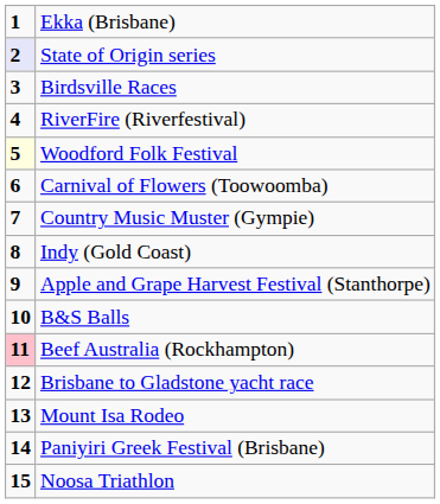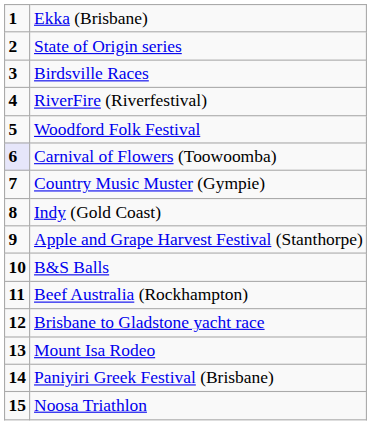 <table class="wikitable">
 <tr>
 <td><strong>1</strong></td>
 <td><a href='#'>Ekka</a> (Brisbane)</td>
 </tr>
 <tr>
-<td style="background: lavender;"><strong>2</strong></td>
+<td><strong>2</strong></td>
 <td><a href='#'>State of Origin series</a></td>
 </tr>
 <tr>
 <td><strong>3</strong></td>
 <td><a href='#'>Birdsville Races</a></td>
 </tr>
 <tr>
 <td><strong>4</strong></td>
 <td><a href='#'>RiverFire</a> (Riverfestival)</td>
 </tr>
 <tr>
-<td style="background: lightyellow;"><strong>5</strong></td>
+<td><strong>5</strong></td>
 <td><a href='#'>Woodford Folk Festival</a></td>
 </tr>
 <tr>
-<td><strong>6</strong></td>
+<td style="background: lavender;"><strong>6</strong></td>
 <td><a href='#'>Carnival of Flowers</a> (Toowoomba)</td>
 </tr>
 <tr>
 <td><strong>7</strong></td>
 <td><a href='#'>Country Music Muster</a> (Gympie)</td>
 </tr>
 <tr>
 <td><strong>8</strong></td>
 <td><a href='#'>Indy</a> (Gold Coast)</td>
 </tr>
 <tr>
 <td><strong>9</strong></td>
 <td><a href='#'>Apple and Grape Harvest Festival</a> (Stanthorpe)</td>
 </tr>
 <tr>
 <td><strong>10</strong></td>
 <td><a href='#'>B&S Balls</a></td>
 </tr>
 <tr>
-<td style="background: pink;"><strong>11</strong></td>
+<td><strong>11</strong></td>
 <td><a href='#'>Beef Australia</a> (Rockhampton)</td>
 </tr>
 <tr>
 <td><strong>12</strong></td>
 <td><a href='#'>Brisbane to Gladstone yacht race</a></td>
 </tr>
 <tr>
 <td><strong>13</strong></td>
 <td><a href='#'>Mount Isa Rodeo</a></td>
 </tr>
 <tr>
 <td><strong>14</strong></td>
 <td><a href='#'>Paniyiri Greek Festival</a> (Brisbane)</td>
 </tr>
 <tr>
 <td><strong>15</strong></td>
 <td><a href='#'>Noosa Triathlon</a></td>
 </tr>
 </table>
